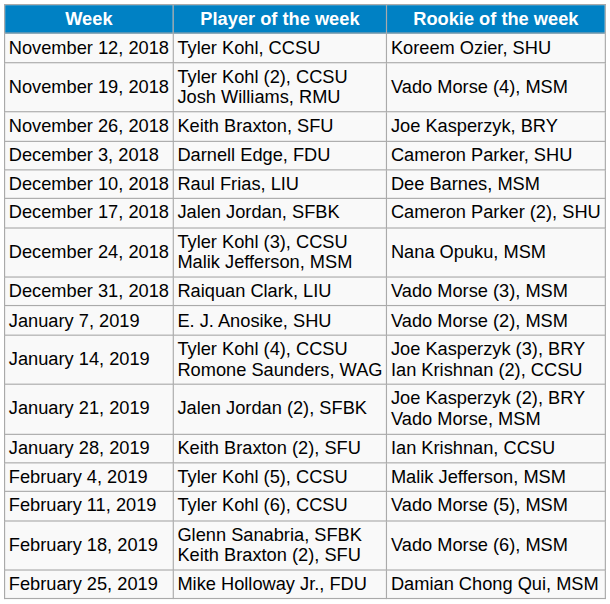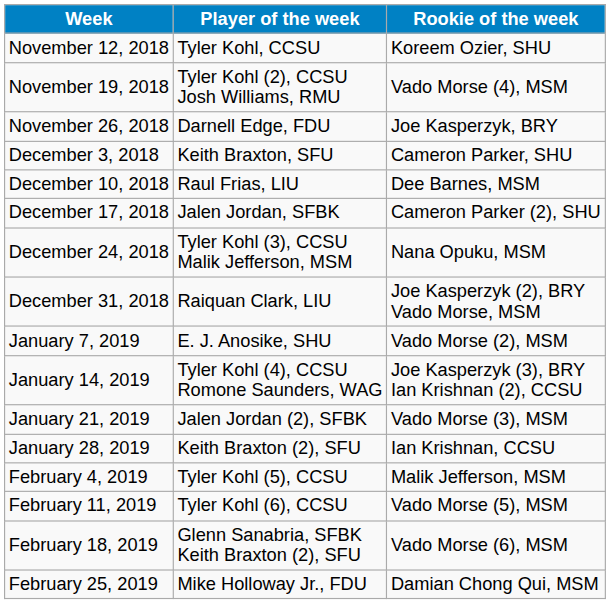 <table class="wikitable" border="1">
 <tr>
 <th align="center" style="background:#0081C4; color:#FFFFFF;">Week</th>
 <th align="center" style="background:#0081C4; color:#FFFFFF;">Player of the week</th>
 <th align="center" style="background:#0081C4; color:#FFFFFF;">Rookie of the week</th>
 </tr>
 <tr>
 <td>November 12, 2018</td>
 <td>Tyler Kohl, CCSU</td>
 <td>Koreem Ozier, SHU</td>
 </tr>
 <tr>
 <td>November 19, 2018</td>
 <td>Tyler Kohl (2), CCSU <br> Josh Williams, RMU</td>
 <td>Vado Morse (4), MSM</td>
 </tr>
 <tr>
 <td>November 26, 2018</td>
-<td>Keith Braxton, SFU</td>
+<td>Darnell Edge, FDU</td>
 <td>Joe Kasperzyk, BRY</td>
 </tr>
 <tr>
 <td>December 3, 2018</td>
-<td>Darnell Edge, FDU</td>
+<td>Keith Braxton, SFU</td>
 <td>Cameron Parker, SHU</td>
 </tr>
 <tr>
 <td>December 10, 2018</td>
 <td>Raul Frias, LIU</td>
 <td>Dee Barnes, MSM</td>
 </tr>
 <tr>
 <td>December 17, 2018</td>
 <td>Jalen Jordan, SFBK</td>
 <td>Cameron Parker (2), SHU</td>
 </tr>
 <tr>
 <td>December 24, 2018</td>
 <td>Tyler Kohl (3), CCSU <br> Malik Jefferson, MSM</td>
 <td>Nana Opuku, MSM</td>
 </tr>
 <tr>
 <td>December 31, 2018</td>
 <td>Raiquan Clark, LIU</td>
-<td>Vado Morse (3), MSM</td>
+<td>Joe Kasperzyk (2), BRY <br> Vado Morse, MSM</td>
 </tr>
 <tr>
 <td>January 7, 2019</td>
 <td>E. J. Anosike, SHU</td>
 <td>Vado Morse (2), MSM</td>
 </tr>
 <tr>
 <td>January 14, 2019</td>
 <td>Tyler Kohl (4), CCSU <br> Romone Saunders, WAG</td>
 <td>Joe Kasperzyk (3), BRY <br> Ian Krishnan (2), CCSU</td>
 </tr>
 <tr>
 <td>January 21, 2019</td>
 <td>Jalen Jordan (2), SFBK</td>
-<td>Joe Kasperzyk (2), BRY <br> Vado Morse, MSM</td>
+<td>Vado Morse (3), MSM</td>
 </tr>
 <tr>
 <td>January 28, 2019</td>
 <td>Keith Braxton (2), SFU</td>
 <td>Ian Krishnan, CCSU</td>
 </tr>
 <tr>
 <td>February 4, 2019</td>
 <td>Tyler Kohl (5), CCSU</td>
 <td>Malik Jefferson, MSM</td>
 </tr>
 <tr>
 <td>February 11, 2019</td>
 <td>Tyler Kohl (6), CCSU</td>
 <td>Vado Morse (5), MSM</td>
 </tr>
 <tr>
 <td>February 18, 2019</td>
 <td>Glenn Sanabria, SFBK <br> Keith Braxton (2), SFU</td>
 <td>Vado Morse (6), MSM</td>
 </tr>
 <tr>
 <td>February 25, 2019</td>
 <td>Mike Holloway Jr., FDU</td>
 <td>Damian Chong Qui, MSM</td>
 </tr>
 </table>
